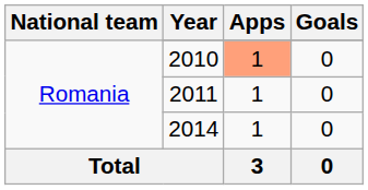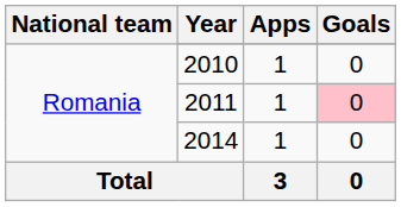 <table class="wikitable" style="text-align:center">
 <tr>
 <th>National team</th>
 <th>Year</th>
 <th>Apps</th>
 <th>Goals</th>
 </tr>
 <tr>
 <td rowspan="4"><a href='#'>Romania</a></td>
 </tr>
 <tr>
 <td>2010</td>
-<td style="background: lightsalmon;">1</td>
+<td>1</td>
 <td>0</td>
 </tr>
 <tr>
 <td>2011</td>
 <td>1</td>
-<td>0</td>
+<td style="background: pink;">0</td>
 </tr>
 <tr>
 <td>2014</td>
 <td>1</td>
 <td>0</td>
 </tr>
 <tr>
 <th colspan="2">Total</th>
 <th>3</th>
 <th>0</th>
 </tr>
 </table>
